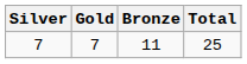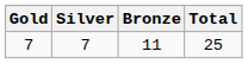 <table class="wikitable" width=20%>
 <tr>
+<th width=30%> Gold</th>
 <th width=30%> Silver</th>
-<th width=30%> Gold</th>
 <th width=30%> Bronze</th>
 <th width=20%>Total</th>
 </tr>
 <tr align=center>
 <td>7</td>
 <td>7</td>
 <td>11</td>
 <td>25</td>
 </tr>
 </table>
